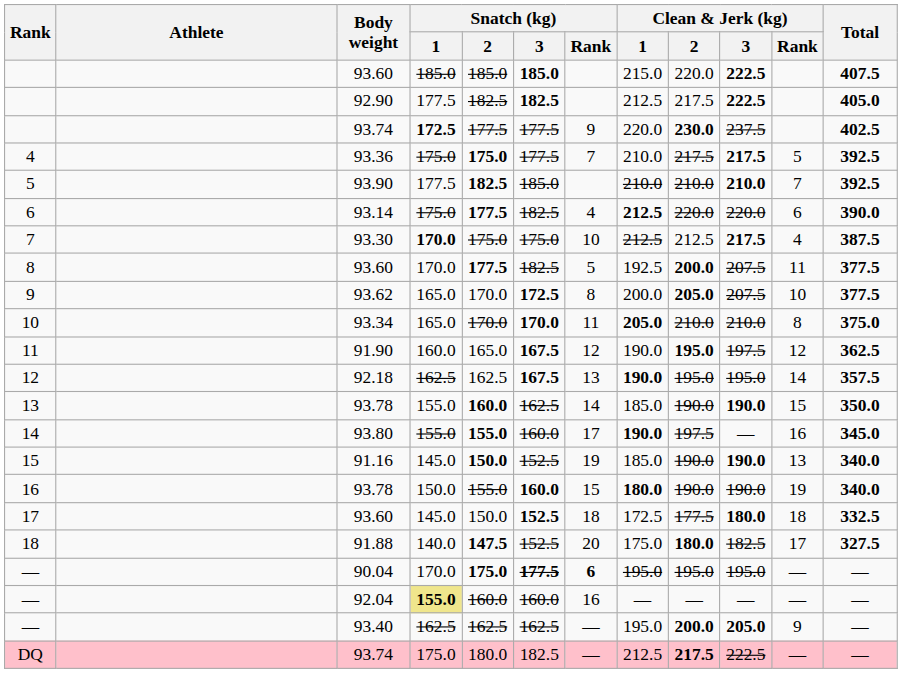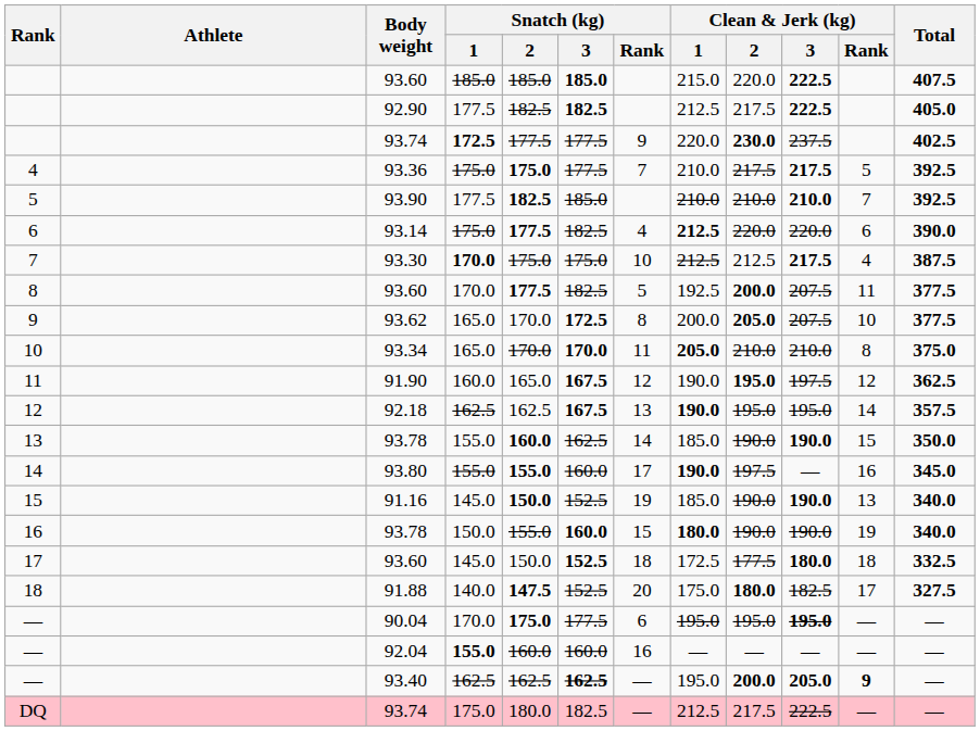 <table class = "wikitable" style="text-align:center;">
 <tr>
 <th rowspan=2 width=40>Rank</th>
 <th rowspan=2 width=250>Athlete</th>
 <th rowspan=2 width=60>Body weight</th>
 <th colspan=4>Snatch (kg)</th>
 <th colspan=4>Clean & Jerk (kg)</th>
 <th rowspan=2 width=60>Total</th>
 </tr>
 <tr>
 <th width=40>1</th>
 <th width=40>2</th>
 <th width=40>3</th>
 <th width=40>Rank</th>
 <th width=40>1</th>
 <th width=40>2</th>
 <th width=40>3</th>
 <th width=40>Rank</th>
 </tr>
 <tr>
 <td></td>
 <td align=left></td>
 <td>93.60</td>
 <td><s>185.0 </s></td>
 <td><s>185.0 </s></td>
 <td><strong>185.0</strong></td>
 <td></td>
 <td>215.0</td>
 <td>220.0</td>
 <td><strong>222.5</strong></td>
 <td></td>
 <td><strong>407.5</strong></td>
 </tr>
 <tr>
 <td></td>
 <td align=left></td>
 <td>92.90</td>
 <td>177.5</td>
 <td><s>182.5 </s></td>
 <td><strong>182.5</strong></td>
 <td></td>
 <td>212.5</td>
 <td>217.5</td>
 <td><strong>222.5</strong></td>
 <td></td>
 <td><strong>405.0</strong></td>
 </tr>
 <tr>
 <td></td>
 <td align=left></td>
 <td>93.74</td>
 <td><strong>172.5</strong></td>
 <td><s>177.5 </s></td>
 <td><s>177.5 </s></td>
 <td>9</td>
 <td>220.0</td>
 <td><strong>230.0</strong></td>
 <td><s>237.5 </s></td>
 <td></td>
 <td><strong>402.5</strong></td>
 </tr>
 <tr>
 <td>4</td>
 <td align=left></td>
 <td>93.36</td>
 <td><s>175.0 </s></td>
 <td><strong>175.0</strong></td>
 <td><s>177.5 </s></td>
 <td>7</td>
 <td>210.0</td>
 <td><s>217.5 </s></td>
 <td><strong>217.5</strong></td>
 <td>5</td>
 <td><strong>392.5</strong></td>
 </tr>
 <tr>
 <td>5</td>
 <td align=left></td>
 <td>93.90</td>
 <td>177.5</td>
 <td><strong>182.5</strong></td>
 <td><s>185.0 </s></td>
 <td></td>
 <td><s>210.0 </s></td>
 <td><s>210.0 </s></td>
 <td><strong>210.0</strong></td>
 <td>7</td>
 <td><strong>392.5</strong></td>
 </tr>
 <tr>
 <td>6</td>
 <td align=left></td>
 <td>93.14</td>
 <td><s>175.0 </s></td>
 <td><strong>177.5</strong></td>
 <td><s>182.5 </s></td>
 <td>4</td>
 <td><strong>212.5</strong></td>
 <td><s>220.0 </s></td>
 <td><s>220.0 </s></td>
 <td>6</td>
 <td><strong>390.0</strong></td>
 </tr>
 <tr>
 <td>7</td>
 <td align=left></td>
 <td>93.30</td>
 <td><strong>170.0</strong></td>
 <td><s>175.0 </s></td>
 <td><s>175.0 </s></td>
 <td>10</td>
 <td><s>212.5 </s></td>
 <td>212.5</td>
 <td><strong>217.5</strong></td>
 <td>4</td>
 <td><strong>387.5</strong></td>
 </tr>
 <tr>
 <td>8</td>
 <td align=left></td>
 <td>93.60</td>
 <td>170.0</td>
 <td><strong>177.5</strong></td>
 <td><s>182.5 </s></td>
 <td>5</td>
 <td>192.5</td>
 <td><strong>200.0</strong></td>
 <td><s>207.5 </s></td>
 <td>11</td>
 <td><strong>377.5</strong></td>
 </tr>
 <tr>
 <td>9</td>
 <td align=left></td>
 <td>93.62</td>
 <td>165.0</td>
 <td>170.0</td>
 <td><strong>172.5</strong></td>
 <td>8</td>
 <td>200.0</td>
 <td><strong>205.0</strong></td>
 <td><s>207.5 </s></td>
 <td>10</td>
 <td><strong>377.5</strong></td>
 </tr>
 <tr>
 <td>10</td>
 <td align=left></td>
 <td>93.34</td>
 <td>165.0</td>
 <td><s>170.0 </s></td>
 <td><strong>170.0</strong></td>
 <td>11</td>
 <td><strong>205.0</strong></td>
 <td><s>210.0 </s></td>
 <td><s>210.0 </s></td>
 <td>8</td>
 <td><strong>375.0</strong></td>
 </tr>
 <tr>
 <td>11</td>
 <td align=left></td>
 <td>91.90</td>
 <td>160.0</td>
 <td>165.0</td>
 <td><strong>167.5</strong></td>
 <td>12</td>
 <td>190.0</td>
 <td><strong>195.0</strong></td>
 <td><s>197.5 </s></td>
 <td>12</td>
 <td><strong>362.5</strong></td>
 </tr>
 <tr>
 <td>12</td>
 <td align=left></td>
 <td>92.18</td>
 <td><s>162.5 </s></td>
 <td>162.5</td>
 <td><strong>167.5</strong></td>
 <td>13</td>
 <td><strong>190.0</strong></td>
 <td><s>195.0 </s></td>
 <td><s>195.0 </s></td>
 <td>14</td>
 <td><strong>357.5</strong></td>
 </tr>
 <tr>
 <td>13</td>
 <td align=left></td>
 <td>93.78</td>
 <td>155.0</td>
 <td><strong>160.0</strong></td>
 <td><s>162.5 </s></td>
 <td>14</td>
 <td>185.0</td>
 <td><s>190.0 </s></td>
 <td><strong>190.0</strong></td>
 <td>15</td>
 <td><strong>350.0</strong></td>
 </tr>
 <tr>
 <td>14</td>
 <td align=left></td>
 <td>93.80</td>
 <td><s>155.0 </s></td>
 <td><strong>155.0</strong></td>
 <td><s>160.0 </s></td>
 <td>17</td>
 <td><strong>190.0</strong></td>
 <td><s>197.5 </s></td>
 <td>—</td>
 <td>16</td>
 <td><strong>345.0</strong></td>
 </tr>
 <tr>
 <td>15</td>
 <td align=left></td>
 <td>91.16</td>
 <td>145.0</td>
 <td><strong>150.0</strong></td>
 <td><s>152.5 </s></td>
 <td>19</td>
 <td>185.0</td>
 <td><s>190.0 </s></td>
 <td><strong>190.0</strong></td>
 <td>13</td>
 <td><strong>340.0</strong></td>
 </tr>
 <tr>
 <td>16</td>
 <td align=left></td>
 <td>93.78</td>
 <td>150.0</td>
 <td><s>155.0 </s></td>
 <td><strong>160.0</strong></td>
 <td>15</td>
 <td><strong>180.0</strong></td>
 <td><s>190.0 </s></td>
 <td><s>190.0 </s></td>
 <td>19</td>
 <td><strong>340.0</strong></td>
 </tr>
 <tr>
 <td>17</td>
 <td align=left></td>
 <td>93.60</td>
 <td>145.0</td>
 <td>150.0</td>
 <td><strong>152.5</strong></td>
 <td>18</td>
 <td>172.5</td>
 <td><s>177.5 </s></td>
 <td><strong>180.0</strong></td>
 <td>18</td>
 <td><strong>332.5</strong></td>
 </tr>
 <tr>
 <td>18</td>
 <td align=left></td>
 <td>91.88</td>
 <td>140.0</td>
 <td><strong>147.5</strong></td>
 <td><s>152.5 </s></td>
 <td>20</td>
 <td>175.0</td>
 <td><strong>180.0</strong></td>
 <td><s>182.5 </s></td>
 <td>17</td>
 <td><strong>327.5</strong></td>
 </tr>
 <tr>
 <td>—</td>
 <td align=left></td>
 <td>90.04</td>
 <td>170.0</td>
 <td><strong>175.0</strong></td>
-<td><strong><s>177.5 </s></strong></td>
-<td><strong>6</strong></td>
+<td><s>177.5 </s></td>
+<td>6</td>
 <td><s>195.0 </s></td>
 <td><s>195.0 </s></td>
-<td><s>195.0 </s></td>
+<td><strong><s>195.0 </s></strong></td>
 <td>—</td>
 <td>—</td>
 </tr>
 <tr>
 <td>—</td>
 <td align=left></td>
 <td>92.04</td>
-<td style="background: khaki;"><strong>155.0</strong></td>
+<td><strong>155.0</strong></td>
 <td><s>160.0 </s></td>
 <td><s>160.0 </s></td>
 <td>16</td>
 <td>—</td>
 <td>—</td>
 <td>—</td>
 <td>—</td>
 <td>—</td>
 </tr>
 <tr>
 <td>—</td>
 <td align=left></td>
 <td>93.40</td>
 <td><s>162.5 </s></td>
 <td><s>162.5 </s></td>
-<td><s>162.5 </s></td>
+<td><strong><s>162.5 </s></strong></td>
 <td>—</td>
 <td>195.0</td>
 <td><strong>200.0</strong></td>
 <td><strong>205.0</strong></td>
-<td>9</td>
+<td><strong>9</strong></td>
 <td>—</td>
 </tr>
 <tr bgcolor=pink>
 <td>DQ</td>
 <td align=left></td>
 <td>93.74</td>
 <td>175.0</td>
 <td>180.0</td>
 <td>182.5</td>
 <td>—</td>
 <td>212.5</td>
-<td><strong>217.5</strong></td>
+<td>217.5</td>
 <td><s>222.5 </s></td>
 <td>—</td>
 <td>—</td>
 </tr>
 </table>
